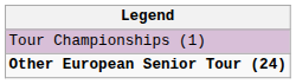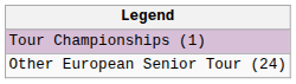 <table class="wikitable" style="font-size:95%;">
 <tr>
 <th>Legend</th>
 </tr>
 <tr style="background:thistle;">
 <td>Tour Championships (1)</td>
 </tr>
 <tr>
-<td><strong>Other European Senior Tour (24)</strong></td>
+<td>Other European Senior Tour (24)</td>
 </tr>
 </table>
